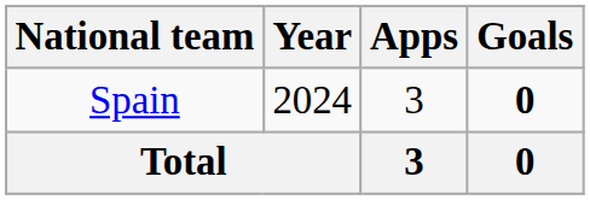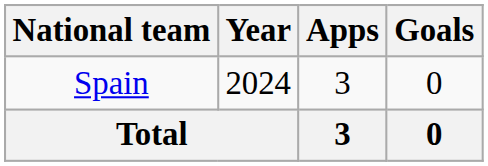 <table class="wikitable" style="text-align:center">
 <tr>
 <th>National team</th>
 <th>Year</th>
 <th>Apps</th>
 <th>Goals</th>
 </tr>
 <tr>
 <td><a href='#'>Spain</a></td>
 <td>2024</td>
 <td>3</td>
-<td><strong>0</strong></td>
+<td>0</td>
 </tr>
 <tr>
 <th colspan="2">Total</th>
 <th>3</th>
 <th>0</th>
 </tr>
 </table>
